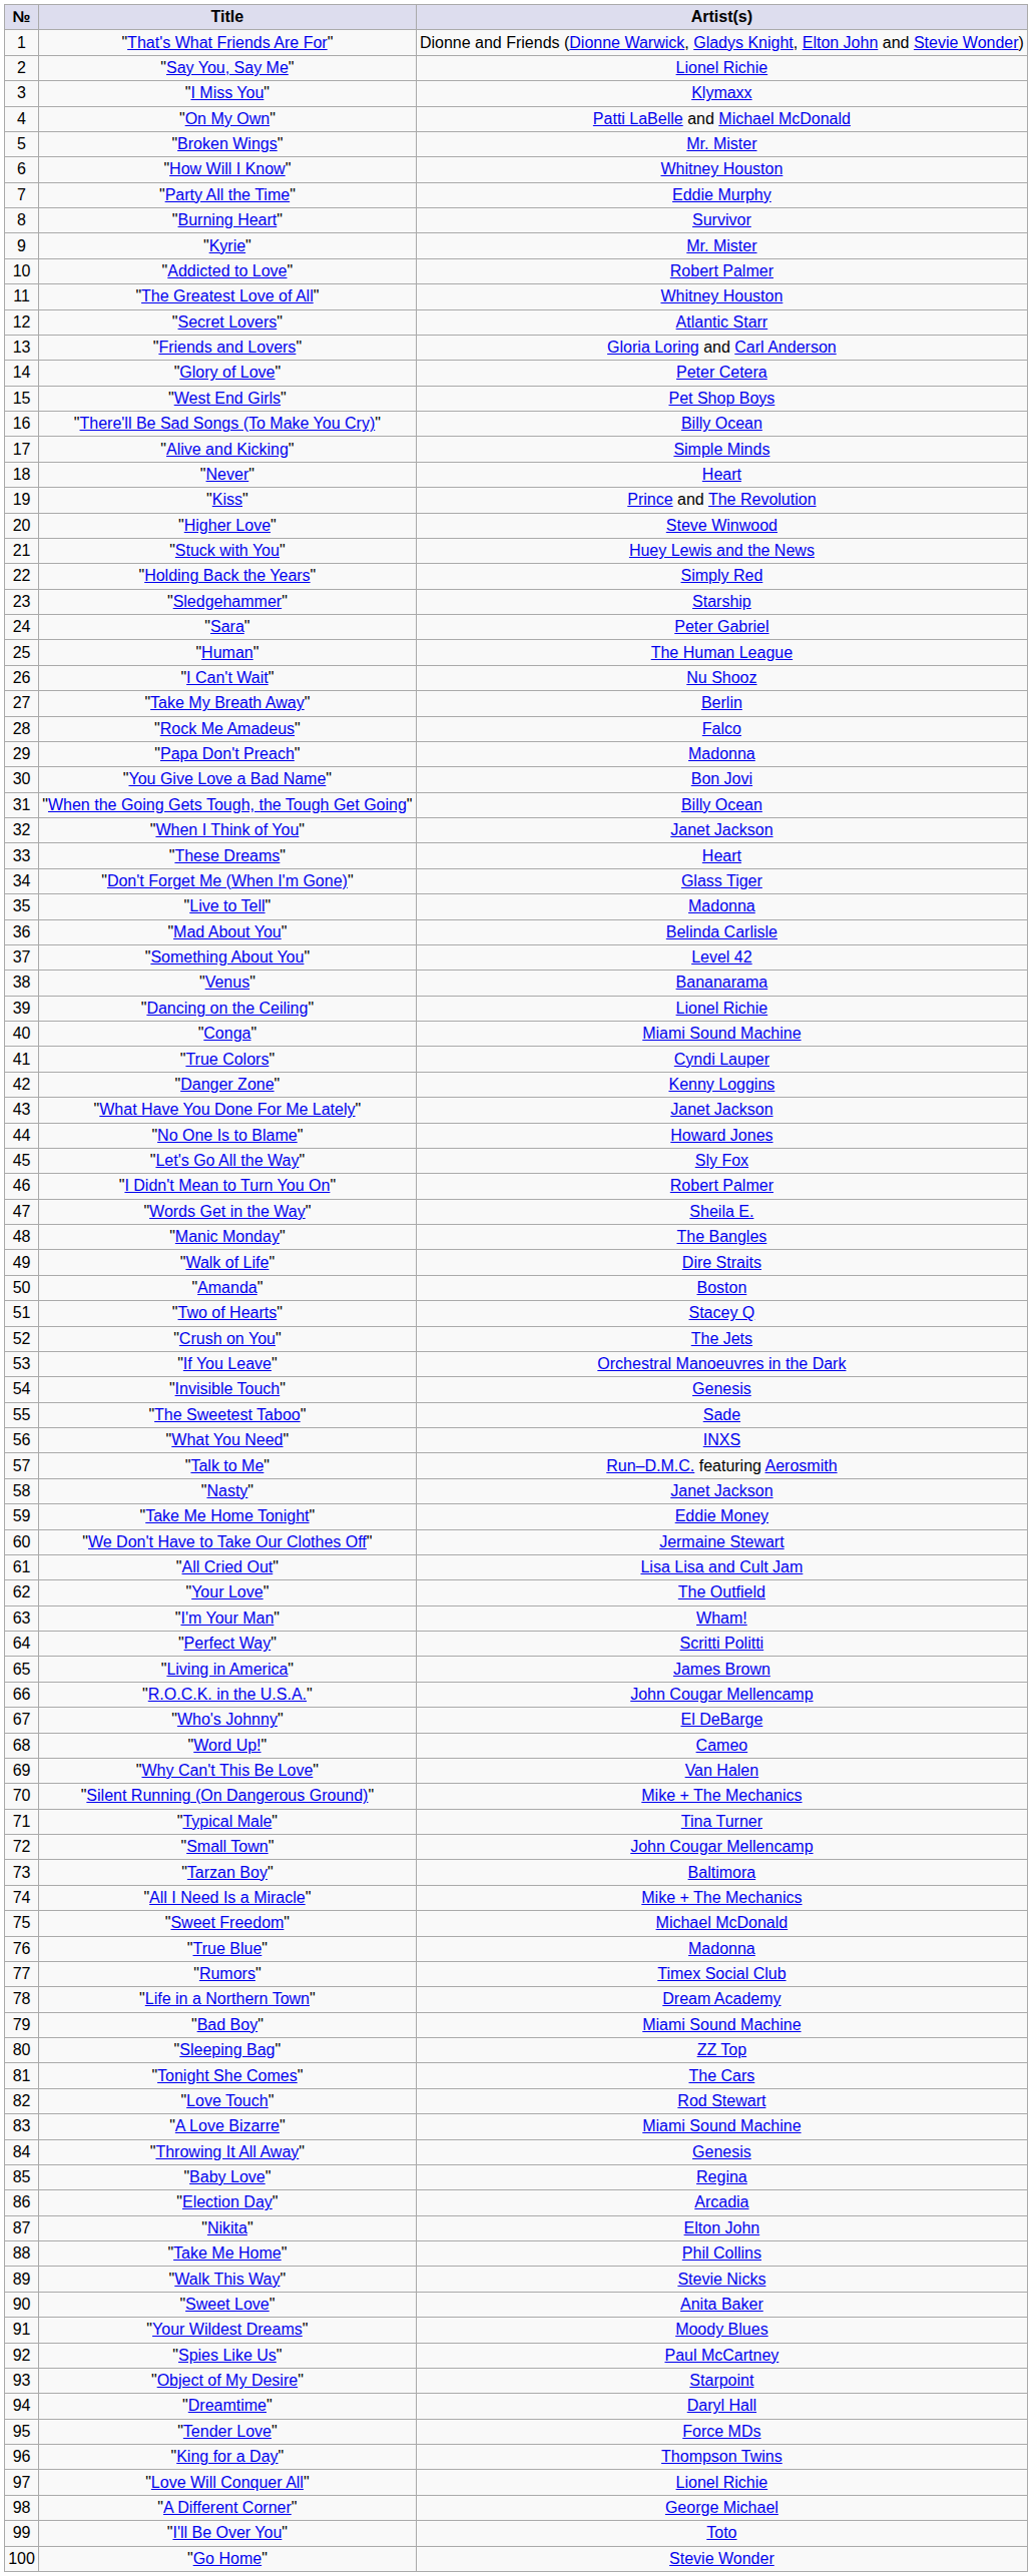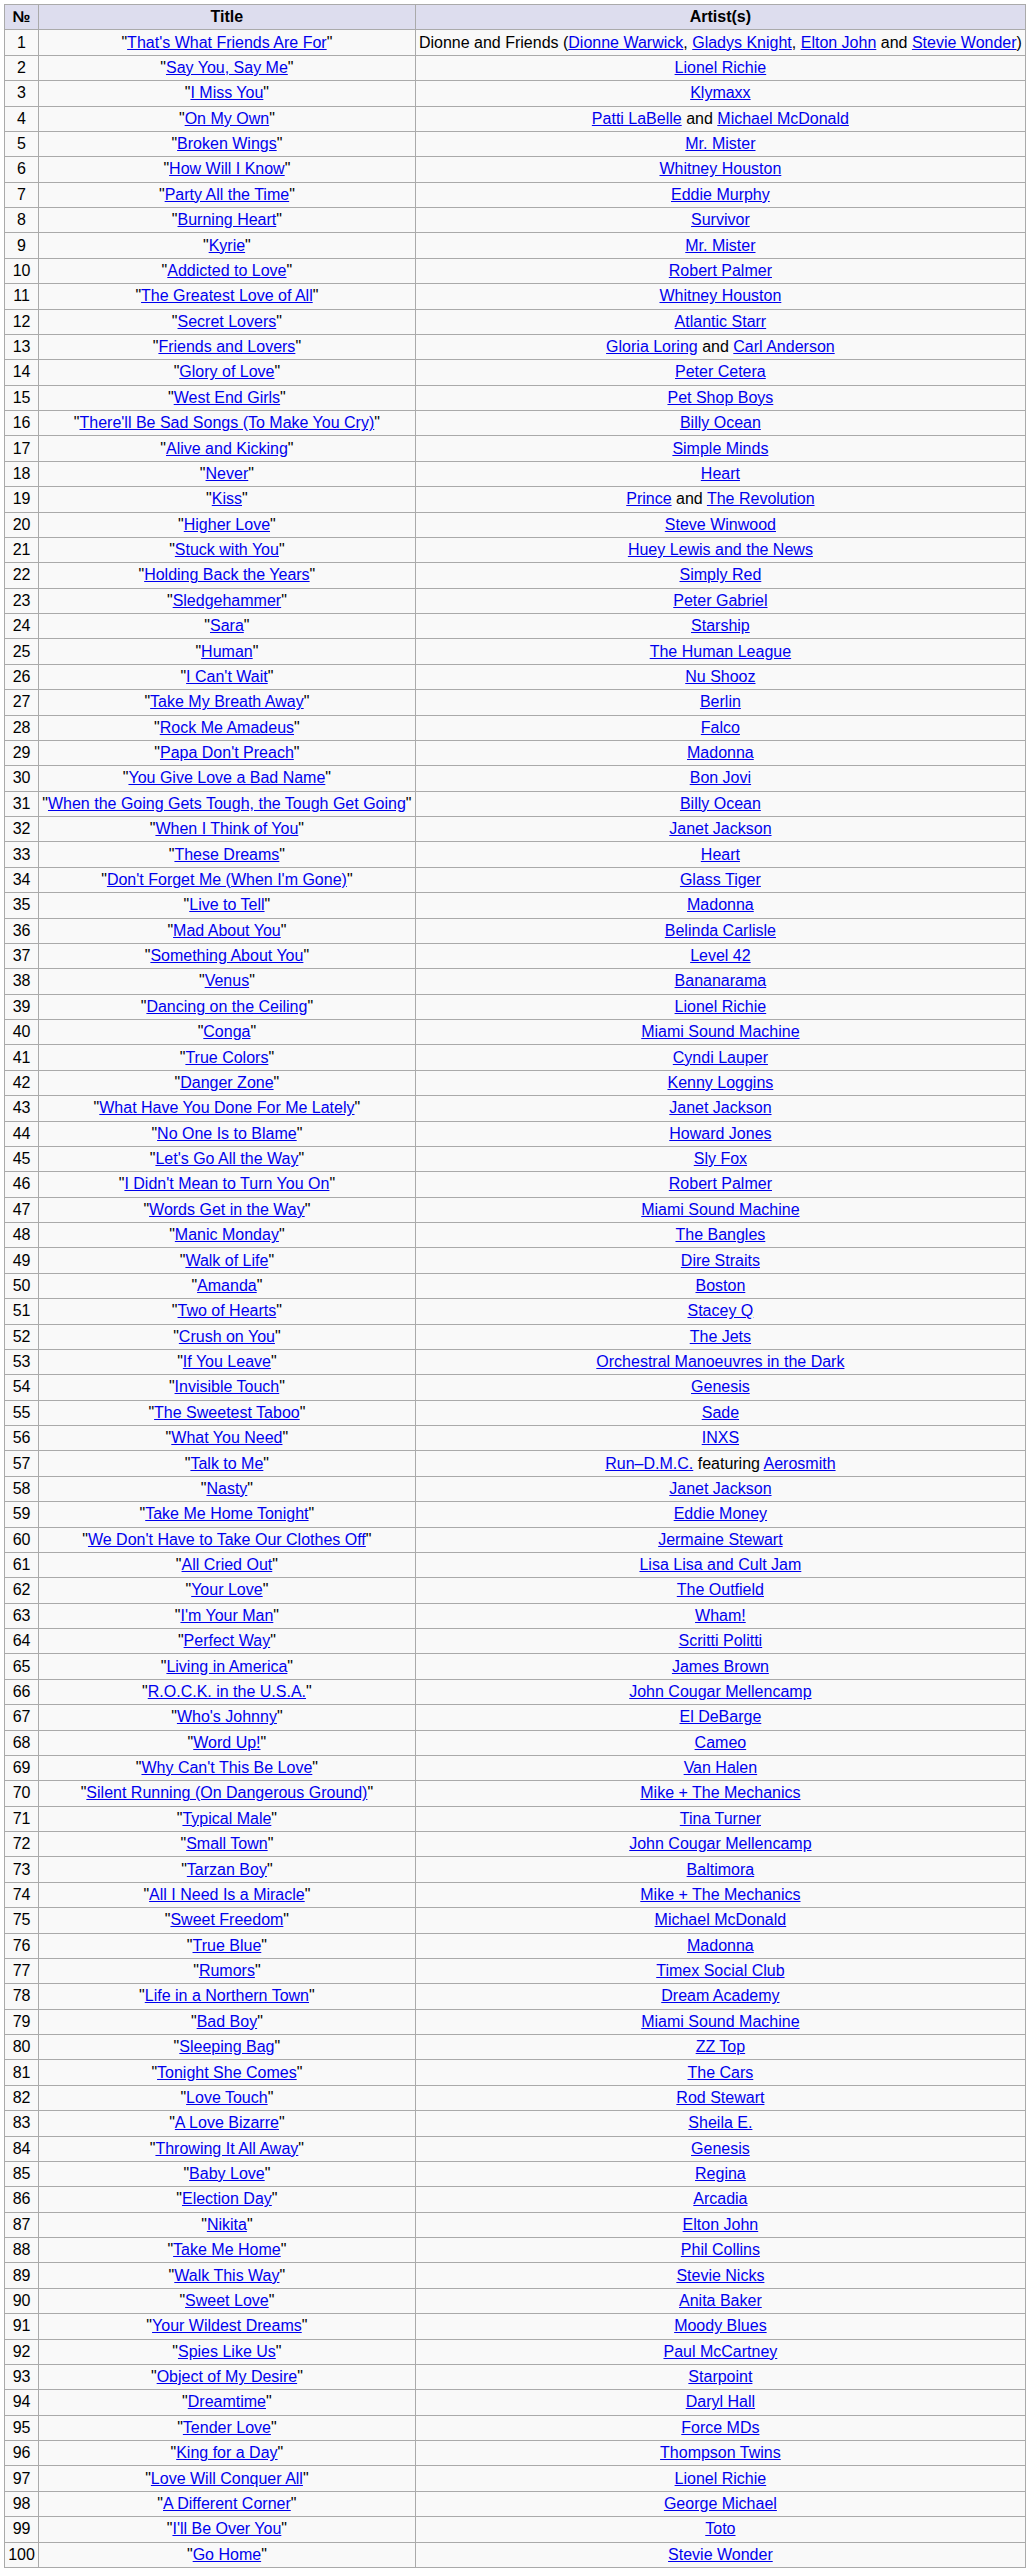 <table class="wikitable sortable" style="text-align: center">
 <tr>
 <th scope="col" style="background:#dde;">№</th>
 <th scope="col" style="background:#dde;">Title</th>
 <th scope="col" style="background:#dde;">Artist(s)</th>
 </tr>
 <tr>
 <td>1</td>
 <td>"<a href='#'>That's What Friends Are For</a>"</td>
 <td>Dionne and Friends (<a href='#'>Dionne Warwick</a>, <a href='#'>Gladys Knight</a>, <a href='#'>Elton John</a> and <a href='#'>Stevie Wonder</a>)</td>
 </tr>
 <tr>
 <td>2</td>
 <td>"<a href='#'>Say You, Say Me</a>"</td>
 <td><a href='#'>Lionel Richie</a></td>
 </tr>
 <tr>
 <td>3</td>
 <td>"<a href='#'>I Miss You</a>"</td>
 <td><a href='#'>Klymaxx</a></td>
 </tr>
 <tr>
 <td>4</td>
 <td>"<a href='#'>On My Own</a>"</td>
 <td><a href='#'>Patti LaBelle</a> and <a href='#'>Michael McDonald</a></td>
 </tr>
 <tr>
 <td>5</td>
 <td>"<a href='#'>Broken Wings</a>"</td>
 <td><a href='#'>Mr. Mister</a></td>
 </tr>
 <tr>
 <td>6</td>
 <td>"<a href='#'>How Will I Know</a>"</td>
 <td><a href='#'>Whitney Houston</a></td>
 </tr>
 <tr>
 <td>7</td>
 <td>"<a href='#'>Party All the Time</a>"</td>
 <td><a href='#'>Eddie Murphy</a></td>
 </tr>
 <tr>
 <td>8</td>
 <td>"<a href='#'>Burning Heart</a>"</td>
 <td><a href='#'>Survivor</a></td>
 </tr>
 <tr>
 <td>9</td>
 <td>"<a href='#'>Kyrie</a>"</td>
 <td><a href='#'>Mr. Mister</a></td>
 </tr>
 <tr>
 <td>10</td>
 <td>"<a href='#'>Addicted to Love</a>"</td>
 <td><a href='#'>Robert Palmer</a></td>
 </tr>
 <tr>
 <td>11</td>
 <td>"<a href='#'>The Greatest Love of All</a>"</td>
 <td><a href='#'>Whitney Houston</a></td>
 </tr>
 <tr>
 <td>12</td>
 <td>"<a href='#'>Secret Lovers</a>"</td>
 <td><a href='#'>Atlantic Starr</a></td>
 </tr>
 <tr>
 <td>13</td>
 <td>"<a href='#'>Friends and Lovers</a>"</td>
 <td><a href='#'>Gloria Loring</a> and <a href='#'>Carl Anderson</a></td>
 </tr>
 <tr>
 <td>14</td>
 <td>"<a href='#'>Glory of Love</a>"</td>
 <td><a href='#'>Peter Cetera</a></td>
 </tr>
 <tr>
 <td>15</td>
 <td>"<a href='#'>West End Girls</a>"</td>
 <td><a href='#'>Pet Shop Boys</a></td>
 </tr>
 <tr>
 <td>16</td>
 <td>"<a href='#'>There'll Be Sad Songs (To Make You Cry)</a>"</td>
 <td><a href='#'>Billy Ocean</a></td>
 </tr>
 <tr>
 <td>17</td>
 <td>"<a href='#'>Alive and Kicking</a>"</td>
 <td><a href='#'>Simple Minds</a></td>
 </tr>
 <tr>
 <td>18</td>
 <td>"<a href='#'>Never</a>"</td>
 <td><a href='#'>Heart</a></td>
 </tr>
 <tr>
 <td>19</td>
 <td>"<a href='#'>Kiss</a>"</td>
 <td><a href='#'>Prince</a> and <a href='#'>The Revolution</a></td>
 </tr>
 <tr>
 <td>20</td>
 <td>"<a href='#'>Higher Love</a>"</td>
 <td><a href='#'>Steve Winwood</a></td>
 </tr>
 <tr>
 <td>21</td>
 <td>"<a href='#'>Stuck with You</a>"</td>
 <td><a href='#'>Huey Lewis and the News</a></td>
 </tr>
 <tr>
 <td>22</td>
 <td>"<a href='#'>Holding Back the Years</a>"</td>
 <td><a href='#'>Simply Red</a></td>
 </tr>
 <tr>
 <td>23</td>
 <td>"<a href='#'>Sledgehammer</a>"</td>
-<td><a href='#'>Starship</a></td>
+<td><a href='#'>Peter Gabriel</a></td>
 </tr>
 <tr>
 <td>24</td>
 <td>"<a href='#'>Sara</a>"</td>
-<td><a href='#'>Peter Gabriel</a></td>
+<td><a href='#'>Starship</a></td>
 </tr>
 <tr>
 <td>25</td>
 <td>"<a href='#'>Human</a>"</td>
 <td><a href='#'>The Human League</a></td>
 </tr>
 <tr>
 <td>26</td>
 <td>"<a href='#'>I Can't Wait</a>"</td>
 <td><a href='#'>Nu Shooz</a></td>
 </tr>
 <tr>
 <td>27</td>
 <td>"<a href='#'>Take My Breath Away</a>"</td>
 <td><a href='#'>Berlin</a></td>
 </tr>
 <tr>
 <td>28</td>
 <td>"<a href='#'>Rock Me Amadeus</a>"</td>
 <td><a href='#'>Falco</a></td>
 </tr>
 <tr>
 <td>29</td>
 <td>"<a href='#'>Papa Don't Preach</a>"</td>
 <td><a href='#'>Madonna</a></td>
 </tr>
 <tr>
 <td>30</td>
 <td>"<a href='#'>You Give Love a Bad Name</a>"</td>
 <td><a href='#'>Bon Jovi</a></td>
 </tr>
 <tr>
 <td>31</td>
 <td>"<a href='#'>When the Going Gets Tough, the Tough Get Going</a>"</td>
 <td><a href='#'>Billy Ocean</a></td>
 </tr>
 <tr>
 <td>32</td>
 <td>"<a href='#'>When I Think of You</a>"</td>
 <td><a href='#'>Janet Jackson</a></td>
 </tr>
 <tr>
 <td>33</td>
 <td>"<a href='#'>These Dreams</a>"</td>
 <td><a href='#'>Heart</a></td>
 </tr>
 <tr>
 <td>34</td>
 <td>"<a href='#'>Don't Forget Me (When I'm Gone)</a>"</td>
 <td><a href='#'>Glass Tiger</a></td>
 </tr>
 <tr>
 <td>35</td>
 <td>"<a href='#'>Live to Tell</a>"</td>
 <td><a href='#'>Madonna</a></td>
 </tr>
 <tr>
 <td>36</td>
 <td>"<a href='#'>Mad About You</a>"</td>
 <td><a href='#'>Belinda Carlisle</a></td>
 </tr>
 <tr>
 <td>37</td>
 <td>"<a href='#'>Something About You</a>"</td>
 <td><a href='#'>Level 42</a></td>
 </tr>
 <tr>
 <td>38</td>
 <td>"<a href='#'>Venus</a>"</td>
 <td><a href='#'>Bananarama</a></td>
 </tr>
 <tr>
 <td>39</td>
 <td>"<a href='#'>Dancing on the Ceiling</a>"</td>
 <td><a href='#'>Lionel Richie</a></td>
 </tr>
 <tr>
 <td>40</td>
 <td>"<a href='#'>Conga</a>"</td>
 <td><a href='#'>Miami Sound Machine</a></td>
 </tr>
 <tr>
 <td>41</td>
 <td>"<a href='#'>True Colors</a>"</td>
 <td><a href='#'>Cyndi Lauper</a></td>
 </tr>
 <tr>
 <td>42</td>
 <td>"<a href='#'>Danger Zone</a>"</td>
 <td><a href='#'>Kenny Loggins</a></td>
 </tr>
 <tr>
 <td>43</td>
 <td>"<a href='#'>What Have You Done For Me Lately</a>"</td>
 <td><a href='#'>Janet Jackson</a></td>
 </tr>
 <tr>
 <td>44</td>
 <td>"<a href='#'>No One Is to Blame</a>"</td>
 <td><a href='#'>Howard Jones</a></td>
 </tr>
 <tr>
 <td>45</td>
 <td>"<a href='#'>Let's Go All the Way</a>"</td>
 <td><a href='#'>Sly Fox</a></td>
 </tr>
 <tr>
 <td>46</td>
 <td>"<a href='#'>I Didn't Mean to Turn You On</a>"</td>
 <td><a href='#'>Robert Palmer</a></td>
 </tr>
 <tr>
 <td>47</td>
 <td>"<a href='#'>Words Get in the Way</a>"</td>
-<td><a href='#'>Sheila E.</a></td>
+<td><a href='#'>Miami Sound Machine</a></td>
 </tr>
 <tr>
 <td>48</td>
 <td>"<a href='#'>Manic Monday</a>"</td>
 <td><a href='#'>The Bangles</a></td>
 </tr>
 <tr>
 <td>49</td>
 <td>"<a href='#'>Walk of Life</a>"</td>
 <td><a href='#'>Dire Straits</a></td>
 </tr>
 <tr>
 <td>50</td>
 <td>"<a href='#'>Amanda</a>"</td>
 <td><a href='#'>Boston</a></td>
 </tr>
 <tr>
 <td>51</td>
 <td>"<a href='#'>Two of Hearts</a>"</td>
 <td><a href='#'>Stacey Q</a></td>
 </tr>
 <tr>
 <td>52</td>
 <td>"<a href='#'>Crush on You</a>"</td>
 <td><a href='#'>The Jets</a></td>
 </tr>
 <tr>
 <td>53</td>
 <td>"<a href='#'>If You Leave</a>"</td>
 <td><a href='#'>Orchestral Manoeuvres in the Dark</a></td>
 </tr>
 <tr>
 <td>54</td>
 <td>"<a href='#'>Invisible Touch</a>"</td>
 <td><a href='#'>Genesis</a></td>
 </tr>
 <tr>
 <td>55</td>
 <td>"<a href='#'>The Sweetest Taboo</a>"</td>
 <td><a href='#'>Sade</a></td>
 </tr>
 <tr>
 <td>56</td>
 <td>"<a href='#'>What You Need</a>"</td>
 <td><a href='#'>INXS</a></td>
 </tr>
 <tr>
 <td>57</td>
 <td>"<a href='#'>Talk to Me</a>"</td>
 <td><a href='#'>Run–D.M.C.</a> featuring <a href='#'>Aerosmith</a></td>
 </tr>
 <tr>
 <td>58</td>
 <td>"<a href='#'>Nasty</a>"</td>
 <td><a href='#'>Janet Jackson</a></td>
 </tr>
 <tr>
 <td>59</td>
 <td>"<a href='#'>Take Me Home Tonight</a>"</td>
 <td><a href='#'>Eddie Money</a></td>
 </tr>
 <tr>
 <td>60</td>
 <td>"<a href='#'>We Don't Have to Take Our Clothes Off</a>"</td>
 <td><a href='#'>Jermaine Stewart</a></td>
 </tr>
 <tr>
 <td>61</td>
 <td>"<a href='#'>All Cried Out</a>"</td>
 <td><a href='#'>Lisa Lisa and Cult Jam</a></td>
 </tr>
 <tr>
 <td>62</td>
 <td>"<a href='#'>Your Love</a>"</td>
 <td><a href='#'>The Outfield</a></td>
 </tr>
 <tr>
 <td>63</td>
 <td>"<a href='#'>I'm Your Man</a>"</td>
 <td><a href='#'>Wham!</a></td>
 </tr>
 <tr>
 <td>64</td>
 <td>"<a href='#'>Perfect Way</a>"</td>
 <td><a href='#'>Scritti Politti</a></td>
 </tr>
 <tr>
 <td>65</td>
 <td>"<a href='#'>Living in America</a>"</td>
 <td><a href='#'>James Brown</a></td>
 </tr>
 <tr>
 <td>66</td>
 <td>"<a href='#'>R.O.C.K. in the U.S.A.</a>"</td>
 <td><a href='#'>John Cougar Mellencamp</a></td>
 </tr>
 <tr>
 <td>67</td>
 <td>"<a href='#'>Who's Johnny</a>"</td>
 <td><a href='#'>El DeBarge</a></td>
 </tr>
 <tr>
 <td>68</td>
 <td>"<a href='#'>Word Up!</a>"</td>
 <td><a href='#'>Cameo</a></td>
 </tr>
 <tr>
 <td>69</td>
 <td>"<a href='#'>Why Can't This Be Love</a>"</td>
 <td><a href='#'>Van Halen</a></td>
 </tr>
 <tr>
 <td>70</td>
 <td>"<a href='#'>Silent Running (On Dangerous Ground)</a>"</td>
 <td><a href='#'>Mike + The Mechanics</a></td>
 </tr>
 <tr>
 <td>71</td>
 <td>"<a href='#'>Typical Male</a>"</td>
 <td><a href='#'>Tina Turner</a></td>
 </tr>
 <tr>
 <td>72</td>
 <td>"<a href='#'>Small Town</a>"</td>
 <td><a href='#'>John Cougar Mellencamp</a></td>
 </tr>
 <tr>
 <td>73</td>
 <td>"<a href='#'>Tarzan Boy</a>"</td>
 <td><a href='#'>Baltimora</a></td>
 </tr>
 <tr>
 <td>74</td>
 <td>"<a href='#'>All I Need Is a Miracle</a>"</td>
 <td><a href='#'>Mike + The Mechanics</a></td>
 </tr>
 <tr>
 <td>75</td>
 <td>"<a href='#'>Sweet Freedom</a>"</td>
 <td><a href='#'>Michael McDonald</a></td>
 </tr>
 <tr>
 <td>76</td>
 <td>"<a href='#'>True Blue</a>"</td>
 <td><a href='#'>Madonna</a></td>
 </tr>
 <tr>
 <td>77</td>
 <td>"<a href='#'>Rumors</a>"</td>
 <td><a href='#'>Timex Social Club</a></td>
 </tr>
 <tr>
 <td>78</td>
 <td>"<a href='#'>Life in a Northern Town</a>"</td>
 <td><a href='#'>Dream Academy</a></td>
 </tr>
 <tr>
 <td>79</td>
 <td>"<a href='#'>Bad Boy</a>"</td>
 <td><a href='#'>Miami Sound Machine</a></td>
 </tr>
 <tr>
 <td>80</td>
 <td>"<a href='#'>Sleeping Bag</a>"</td>
 <td><a href='#'>ZZ Top</a></td>
 </tr>
 <tr>
 <td>81</td>
 <td>"<a href='#'>Tonight She Comes</a>"</td>
 <td><a href='#'>The Cars</a></td>
 </tr>
 <tr>
 <td>82</td>
 <td>"<a href='#'>Love Touch</a>"</td>
 <td><a href='#'>Rod Stewart</a></td>
 </tr>
 <tr>
 <td>83</td>
 <td>"<a href='#'>A Love Bizarre</a>"</td>
-<td><a href='#'>Miami Sound Machine</a></td>
+<td><a href='#'>Sheila E.</a></td>
 </tr>
 <tr>
 <td>84</td>
 <td>"<a href='#'>Throwing It All Away</a>"</td>
 <td><a href='#'>Genesis</a></td>
 </tr>
 <tr>
 <td>85</td>
 <td>"<a href='#'>Baby Love</a>"</td>
 <td><a href='#'>Regina</a></td>
 </tr>
 <tr>
 <td>86</td>
 <td>"<a href='#'>Election Day</a>"</td>
 <td><a href='#'>Arcadia</a></td>
 </tr>
 <tr>
 <td>87</td>
 <td>"<a href='#'>Nikita</a>"</td>
 <td><a href='#'>Elton John</a></td>
 </tr>
 <tr>
 <td>88</td>
 <td>"<a href='#'>Take Me Home</a>"</td>
 <td><a href='#'>Phil Collins</a></td>
 </tr>
 <tr>
 <td>89</td>
 <td>"<a href='#'>Walk This Way</a>"</td>
 <td><a href='#'>Stevie Nicks</a></td>
 </tr>
 <tr>
 <td>90</td>
 <td>"<a href='#'>Sweet Love</a>"</td>
 <td><a href='#'>Anita Baker</a></td>
 </tr>
 <tr>
 <td>91</td>
 <td>"<a href='#'>Your Wildest Dreams</a>"</td>
 <td><a href='#'>Moody Blues</a></td>
 </tr>
 <tr>
 <td>92</td>
 <td>"<a href='#'>Spies Like Us</a>"</td>
 <td><a href='#'>Paul McCartney</a></td>
 </tr>
 <tr>
 <td>93</td>
 <td>"<a href='#'>Object of My Desire</a>"</td>
 <td><a href='#'>Starpoint</a></td>
 </tr>
 <tr>
 <td>94</td>
 <td>"<a href='#'>Dreamtime</a>"</td>
 <td><a href='#'>Daryl Hall</a></td>
 </tr>
 <tr>
 <td>95</td>
 <td>"<a href='#'>Tender Love</a>"</td>
 <td><a href='#'>Force MDs</a></td>
 </tr>
 <tr>
 <td>96</td>
 <td>"<a href='#'>King for a Day</a>"</td>
 <td><a href='#'>Thompson Twins</a></td>
 </tr>
 <tr>
 <td>97</td>
 <td>"<a href='#'>Love Will Conquer All</a>"</td>
 <td><a href='#'>Lionel Richie</a></td>
 </tr>
 <tr>
 <td>98</td>
 <td>"<a href='#'>A Different Corner</a>"</td>
 <td><a href='#'>George Michael</a></td>
 </tr>
 <tr>
 <td>99</td>
 <td>"<a href='#'>I'll Be Over You</a>"</td>
 <td><a href='#'>Toto</a></td>
 </tr>
 <tr>
 <td>100</td>
 <td>"<a href='#'>Go Home</a>"</td>
 <td><a href='#'>Stevie Wonder</a></td>
 </tr>
 </table>
